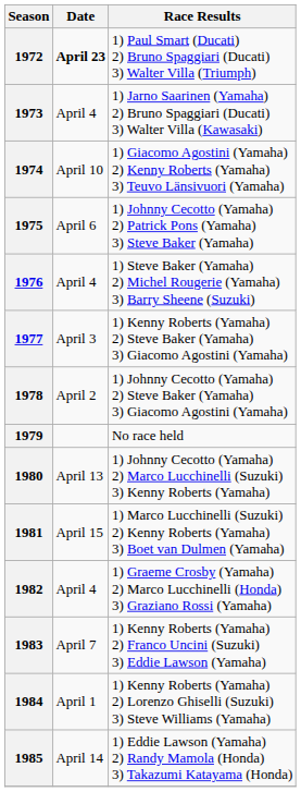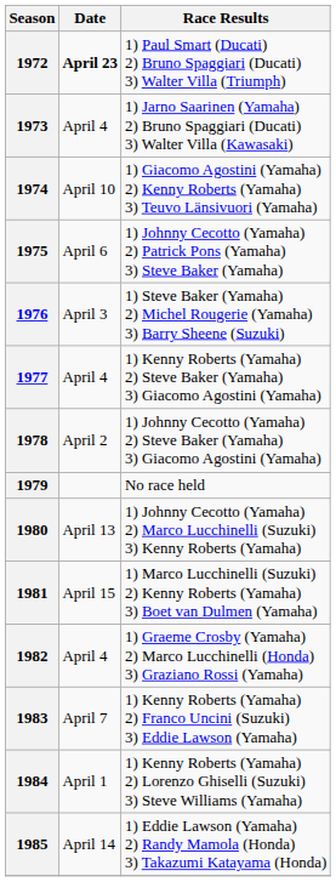 <table class="wikitable" style="font-size: 95%;">
 <tr>
 <th>Season</th>
 <th>Date</th>
 <th>Race Results</th>
 </tr>
 <tr>
 <th align=center>1972</th>
 <td><strong>April 23</strong></td>
 <td>1)  <a href='#'>Paul Smart</a> (<a href='#'>Ducati</a>)<br>2)  <a href='#'>Bruno Spaggiari</a> (Ducati)<br>3)  <a href='#'>Walter Villa</a> (<a href='#'>Triumph</a>)</td>
 </tr>
 <tr>
 <th align=center>1973</th>
 <td>April 4</td>
 <td>1)  <a href='#'>Jarno Saarinen</a> (<a href='#'>Yamaha</a>)<br>2)  Bruno Spaggiari (Ducati)<br>3)  Walter Villa (<a href='#'>Kawasaki</a>)</td>
 </tr>
 <tr>
 <th align=center>1974</th>
 <td>April 10</td>
 <td>1)  <a href='#'>Giacomo Agostini</a> (Yamaha)<br>2)  <a href='#'>Kenny Roberts</a> (Yamaha)<br>3)  <a href='#'>Teuvo Länsivuori</a> (Yamaha)</td>
 </tr>
 <tr>
 <th align=center>1975</th>
 <td>April 6</td>
 <td>1)  <a href='#'>Johnny Cecotto</a> (Yamaha)<br>2)  <a href='#'>Patrick Pons</a> (Yamaha)<br>3)  <a href='#'>Steve Baker</a> (Yamaha)</td>
 </tr>
 <tr>
 <th align=center><a href='#'>1976</a></th>
-<td>April 4</td>
+<td>April 3</td>
 <td>1)  Steve Baker (Yamaha)<br>2)  <a href='#'>Michel Rougerie</a> (Yamaha)<br>3)  <a href='#'>Barry Sheene</a> (<a href='#'>Suzuki</a>)</td>
 </tr>
 <tr>
 <th align=center><a href='#'>1977</a></th>
-<td>April 3</td>
+<td>April 4</td>
 <td>1)  Kenny Roberts (Yamaha)<br>2)  Steve Baker (Yamaha)<br>3)  Giacomo Agostini (Yamaha)</td>
 </tr>
 <tr>
 <th align=center>1978</th>
 <td>April 2</td>
 <td>1)  Johnny Cecotto (Yamaha)<br>2)  Steve Baker (Yamaha)<br>3)  Giacomo Agostini (Yamaha)</td>
 </tr>
 <tr>
 <th align=center>1979</th>
 <td></td>
 <td>No race held</td>
 </tr>
 <tr>
 <th align=center>1980</th>
 <td>April 13</td>
 <td>1)  Johnny Cecotto (Yamaha)<br>2)  <a href='#'>Marco Lucchinelli</a> (Suzuki)<br>3)  Kenny Roberts (Yamaha)</td>
 </tr>
 <tr>
 <th align=center>1981</th>
 <td>April 15</td>
 <td>1)  Marco Lucchinelli (Suzuki)<br>2)  Kenny Roberts (Yamaha)<br>3)  <a href='#'>Boet van Dulmen</a> (Yamaha)</td>
 </tr>
 <tr>
 <th align=center>1982</th>
 <td>April 4</td>
 <td>1)  <a href='#'>Graeme Crosby</a> (Yamaha)<br>2)  Marco Lucchinelli (<a href='#'>Honda</a>)<br>3)  <a href='#'>Graziano Rossi</a> (Yamaha)</td>
 </tr>
 <tr>
 <th align=center>1983</th>
 <td>April 7</td>
 <td>1)  Kenny Roberts (Yamaha)<br>2)  <a href='#'>Franco Uncini</a> (Suzuki)<br>3)  <a href='#'>Eddie Lawson</a> (Yamaha)</td>
 </tr>
 <tr>
 <th align=center>1984</th>
 <td>April 1</td>
 <td>1)  Kenny Roberts (Yamaha)<br>2)  Lorenzo Ghiselli (Suzuki)<br>3)  Steve Williams (Yamaha)</td>
 </tr>
 <tr>
 <th align=center>1985</th>
 <td>April 14</td>
 <td>1)  Eddie Lawson (Yamaha)<br>2)  <a href='#'>Randy Mamola</a> (Honda)<br>3)  <a href='#'>Takazumi Katayama</a> (Honda)</td>
 </tr>
 <tr>
 </tr>
 </table>
